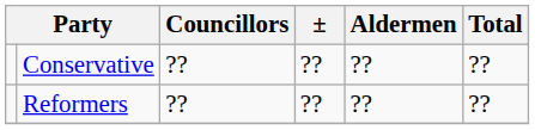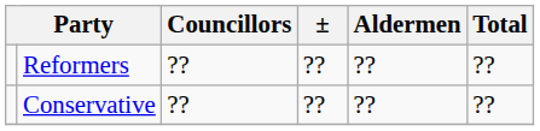 <table class="wikitable">
 <tr>
 <th colspan="2">Party</th>
 <th>Councillors</th>
 <th>  ±  </th>
 <th>Aldermen</th>
 <th>Total</th>
 </tr>
 <tr>
 <td style="background-color: "></td>
-<td><a href='#'>Conservative</a></td>
+<td><a href='#'>Reformers</a></td>
 <td>??</td>
 <td>??</td>
 <td>??</td>
 <td>??</td>
 </tr>
 <tr>
 <td style="background-color: "></td>
-<td><a href='#'>Reformers</a></td>
+<td><a href='#'>Conservative</a></td>
 <td>??</td>
 <td>??</td>
 <td>??</td>
 <td>??</td>
 </tr>
 <tr>
 </tr>
 </table>
